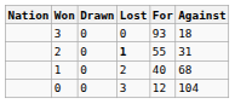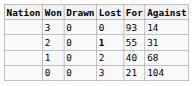 <table class="wikitable">
 <tr>
 <th>Nation</th>
 <th>Won</th>
 <th>Drawn</th>
 <th>Lost</th>
 <th>For</th>
 <th>Against</th>
 </tr>
 <tr>
 <td></td>
 <td>3</td>
 <td>0</td>
 <td>0</td>
 <td>93</td>
-<td>18</td>
+<td>14</td>
 </tr>
 <tr>
 <td></td>
 <td>2</td>
 <td>0</td>
 <td><strong>1</strong></td>
 <td>55</td>
 <td>31</td>
 </tr>
 <tr>
 <td></td>
 <td>1</td>
 <td>0</td>
 <td>2</td>
 <td>40</td>
 <td>68</td>
 </tr>
 <tr>
 <td></td>
 <td>0</td>
 <td>0</td>
 <td>3</td>
-<td>12</td>
+<td>21</td>
 <td>104</td>
 </tr>
 </table>
